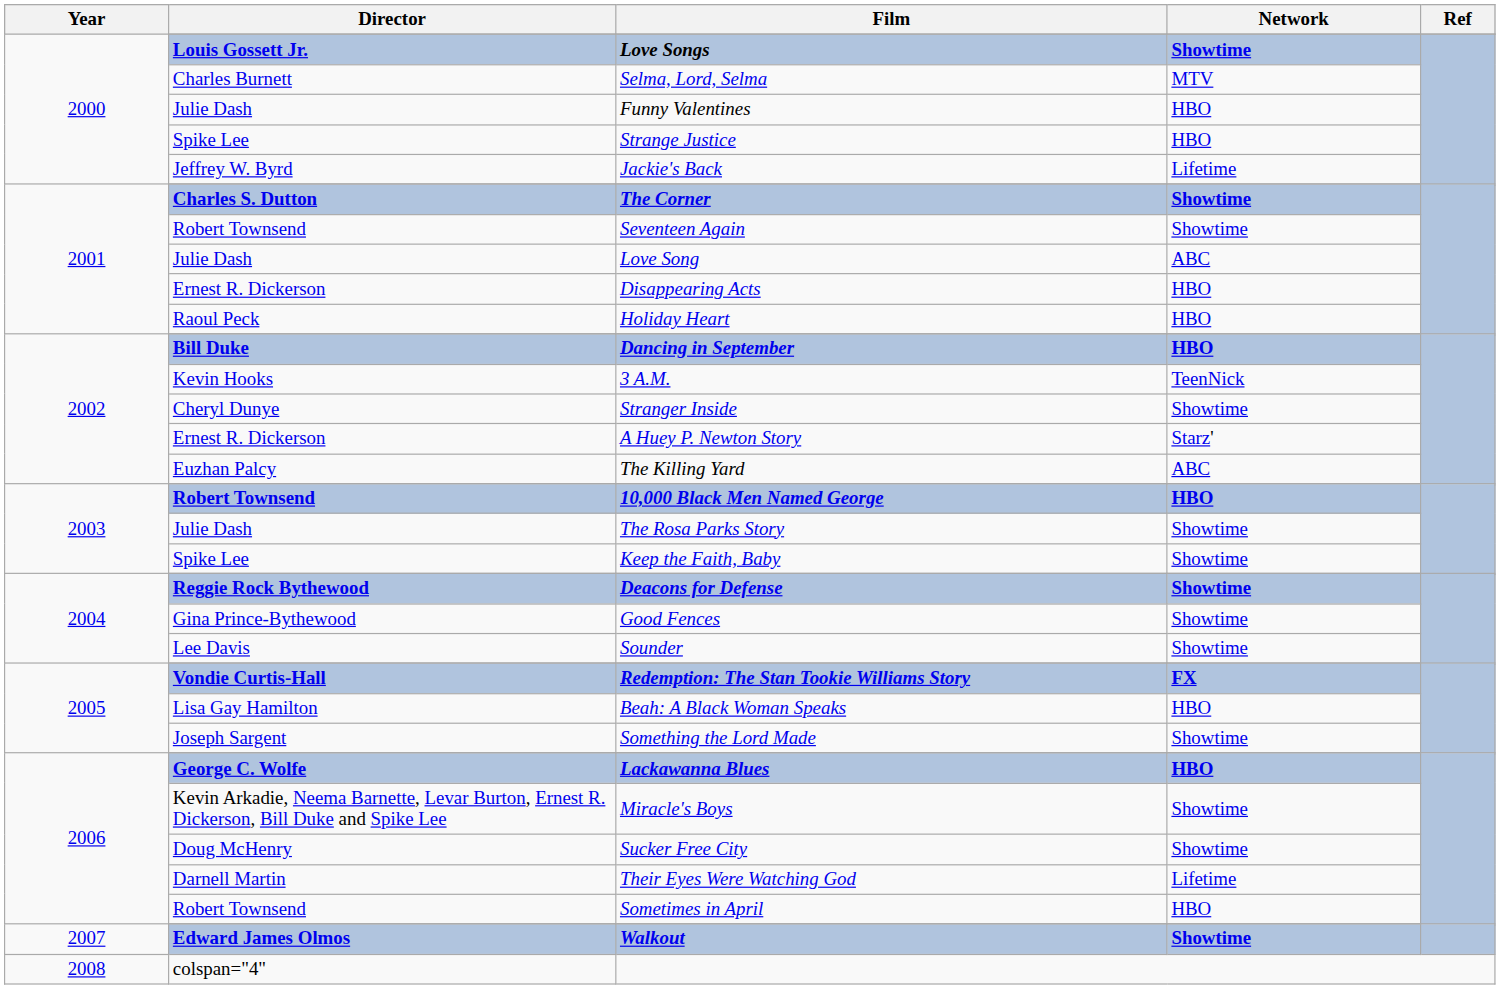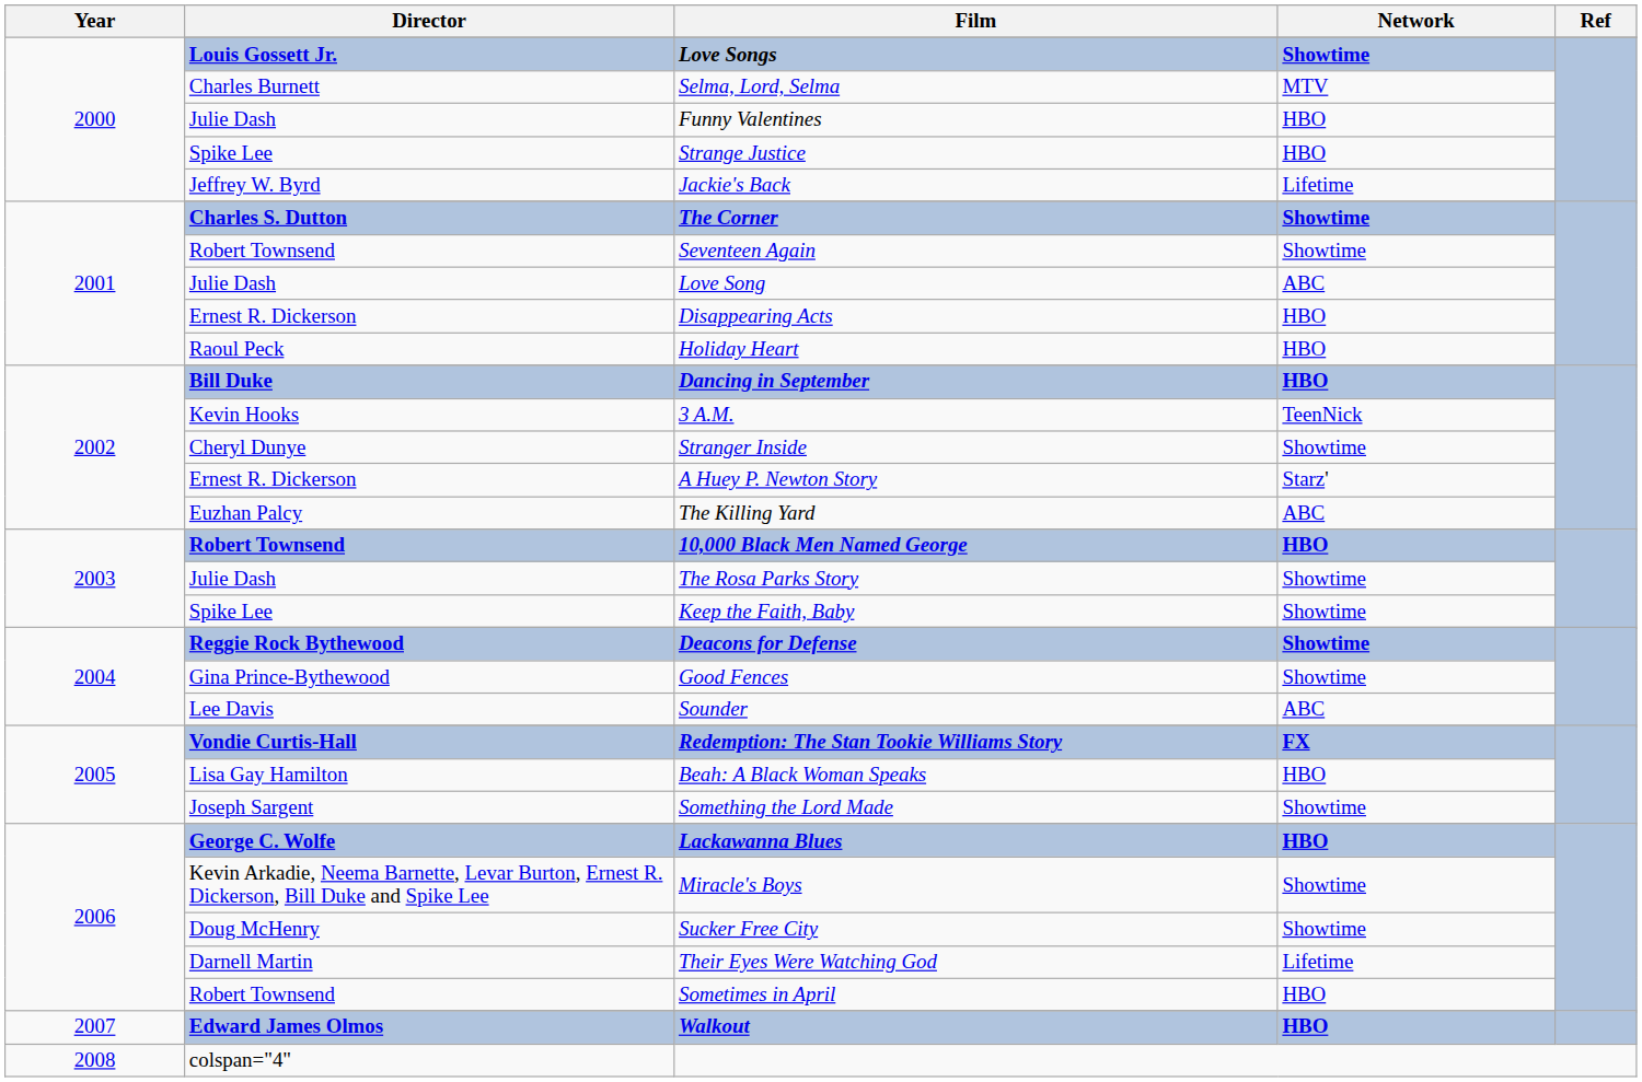 <table class="wikitable" style="width:100%;">
 <tr style="background:#bebebe;">
 <th style="width:11%;">Year</th>
 <th style="width:30%;">Director</th>
 <th style="width:37%;">Film</th>
 <th style="width:17%;">Network</th>
 <th style="width:5%;">Ref</th>
 </tr>
 <tr>
 <td rowspan="6" align="center"><a href='#'>2000</a></td>
 </tr>
 <tr style="background:#B0C4DE">
 <td><strong><a href='#'>Louis Gossett Jr.</a></strong></td>
 <td><strong><em>Love Songs</em></strong></td>
 <td><strong><a href='#'>Showtime</a></strong></td>
 <td rowspan="6" align="center"></td>
 </tr>
 <tr>
 <td><a href='#'>Charles Burnett</a></td>
 <td><em><a href='#'>Selma, Lord, Selma</a></em></td>
 <td><a href='#'>MTV</a></td>
 </tr>
 <tr>
 <td><a href='#'>Julie Dash</a></td>
 <td><em>Funny Valentines</em></td>
 <td><a href='#'>HBO</a></td>
 </tr>
 <tr>
 <td><a href='#'>Spike Lee</a></td>
 <td><em><a href='#'>Strange Justice</a></em></td>
 <td><a href='#'>HBO</a></td>
 </tr>
 <tr>
 <td><a href='#'>Jeffrey W. Byrd</a></td>
 <td><em><a href='#'>Jackie's Back</a></em></td>
 <td><a href='#'>Lifetime</a></td>
 </tr>
 <tr>
 <td rowspan="6" align="center"><a href='#'>2001</a></td>
 </tr>
 <tr style="background:#B0C4DE">
 <td><strong><a href='#'>Charles S. Dutton</a></strong></td>
 <td><strong><em><a href='#'>The Corner</a></em></strong></td>
 <td><strong><a href='#'>Showtime</a></strong></td>
 <td rowspan="6" align="center"></td>
 </tr>
 <tr>
 <td><a href='#'>Robert Townsend</a></td>
 <td><em><a href='#'>Seventeen Again</a></em></td>
 <td><a href='#'>Showtime</a></td>
 </tr>
 <tr>
 <td><a href='#'>Julie Dash</a></td>
 <td><em><a href='#'>Love Song</a></em></td>
 <td><a href='#'>ABC</a></td>
 </tr>
 <tr>
 <td><a href='#'>Ernest R. Dickerson</a></td>
 <td><em><a href='#'>Disappearing Acts</a></em></td>
 <td><a href='#'>HBO</a></td>
 </tr>
 <tr>
 <td><a href='#'>Raoul Peck</a></td>
 <td><em><a href='#'>Holiday Heart</a></em></td>
 <td><a href='#'>HBO</a></td>
 </tr>
 <tr>
 <td rowspan="6" align="center"><a href='#'>2002</a></td>
 </tr>
 <tr style="background:#B0C4DE">
 <td><strong><a href='#'>Bill Duke</a></strong></td>
 <td><strong><em><a href='#'>Dancing in September</a></em></strong></td>
 <td><strong><a href='#'>HBO</a></strong></td>
 <td rowspan="6" align="center"></td>
 </tr>
 <tr>
 <td><a href='#'>Kevin Hooks</a></td>
 <td><em><a href='#'>3 A.M.</a></em></td>
 <td><a href='#'>TeenNick</a></td>
 </tr>
 <tr>
 <td><a href='#'>Cheryl Dunye</a></td>
 <td><em><a href='#'>Stranger Inside</a></em></td>
 <td><a href='#'>Showtime</a></td>
 </tr>
 <tr>
 <td><a href='#'>Ernest R. Dickerson</a></td>
 <td><em><a href='#'>A Huey P. Newton Story</a></em></td>
 <td><a href='#'>Starz</a>'</td>
 </tr>
 <tr>
 <td><a href='#'>Euzhan Palcy</a></td>
 <td><em>The Killing Yard</em></td>
 <td><a href='#'>ABC</a></td>
 </tr>
 <tr>
 <td rowspan="4" align="center"><a href='#'>2003</a></td>
 </tr>
 <tr style="background:#B0C4DE">
 <td><strong><a href='#'>Robert Townsend</a></strong></td>
 <td><strong><em><a href='#'>10,000 Black Men Named George</a></em></strong></td>
 <td><strong><a href='#'>HBO</a></strong></td>
 <td rowspan="4" align="center"></td>
 </tr>
 <tr>
 <td><a href='#'>Julie Dash</a></td>
 <td><em><a href='#'>The Rosa Parks Story</a></em></td>
 <td><a href='#'>Showtime</a></td>
 </tr>
 <tr>
 <td><a href='#'>Spike Lee</a></td>
 <td><em><a href='#'>Keep the Faith, Baby</a></em></td>
 <td><a href='#'>Showtime</a></td>
 </tr>
 <tr>
 <td rowspan="4" align="center"><a href='#'>2004</a></td>
 </tr>
 <tr style="background:#B0C4DE">
 <td><strong><a href='#'>Reggie Rock Bythewood</a></strong></td>
 <td><strong><em><a href='#'>Deacons for Defense</a></em></strong></td>
 <td><strong><a href='#'>Showtime</a></strong></td>
 <td rowspan="4" align="center"></td>
 </tr>
 <tr>
 <td><a href='#'>Gina Prince-Bythewood</a></td>
 <td><em><a href='#'>Good Fences</a></em></td>
 <td><a href='#'>Showtime</a></td>
 </tr>
 <tr>
 <td><a href='#'>Lee Davis</a></td>
 <td><em><a href='#'>Sounder</a></em></td>
-<td><a href='#'>Showtime</a></td>
+<td><a href='#'>ABC</a></td>
 </tr>
 <tr>
 <td rowspan="4" align="center"><a href='#'>2005</a></td>
 </tr>
 <tr style="background:#B0C4DE">
 <td><strong><a href='#'>Vondie Curtis-Hall</a></strong></td>
 <td><strong><em><a href='#'>Redemption: The Stan Tookie Williams Story</a></em></strong></td>
 <td><strong><a href='#'>FX</a></strong></td>
 <td rowspan="4" align="center"></td>
 </tr>
 <tr>
 <td><a href='#'>Lisa Gay Hamilton</a></td>
 <td><em><a href='#'>Beah: A Black Woman Speaks</a></em></td>
 <td><a href='#'>HBO</a></td>
 </tr>
 <tr>
 <td><a href='#'>Joseph Sargent</a></td>
 <td><em><a href='#'>Something the Lord Made</a></em></td>
 <td><a href='#'>Showtime</a></td>
 </tr>
 <tr>
 <td rowspan="6" align="center"><a href='#'>2006</a></td>
 </tr>
 <tr style="background:#B0C4DE">
 <td><strong><a href='#'>George C. Wolfe</a></strong></td>
 <td><strong><em><a href='#'>Lackawanna Blues</a></em></strong></td>
 <td><strong><a href='#'>HBO</a></strong></td>
 <td rowspan="6" align="center"></td>
 </tr>
 <tr>
 <td>Kevin Arkadie, <a href='#'>Neema Barnette</a>, <a href='#'>Levar Burton</a>, <a href='#'>Ernest R. Dickerson</a>, <a href='#'>Bill Duke</a> and <a href='#'>Spike Lee</a></td>
 <td><em><a href='#'>Miracle's Boys</a></em></td>
 <td><a href='#'>Showtime</a></td>
 </tr>
 <tr>
 <td><a href='#'>Doug McHenry</a></td>
 <td><em><a href='#'>Sucker Free City</a></em></td>
 <td><a href='#'>Showtime</a></td>
 </tr>
 <tr>
 <td><a href='#'>Darnell Martin</a></td>
 <td><em><a href='#'>Their Eyes Were Watching God</a></em></td>
 <td><a href='#'>Lifetime</a></td>
 </tr>
 <tr>
 <td><a href='#'>Robert Townsend</a></td>
 <td><em><a href='#'>Sometimes in April</a></em></td>
 <td><a href='#'>HBO</a></td>
 </tr>
 <tr>
 <td rowspan="2" align="center"><a href='#'>2007</a></td>
 </tr>
 <tr style="background:#B0C4DE">
 <td><strong><a href='#'>Edward James Olmos</a></strong></td>
 <td><strong><em><a href='#'>Walkout</a></em></strong></td>
-<td><strong><a href='#'>Showtime</a></strong></td>
+<td><strong><a href='#'>HBO</a></strong></td>
 <td align="center"></td>
 </tr>
 <tr>
 <td align="center"><a href='#'>2008</a></td>
 <td>colspan="4" </td>
 </tr>
 </table>
